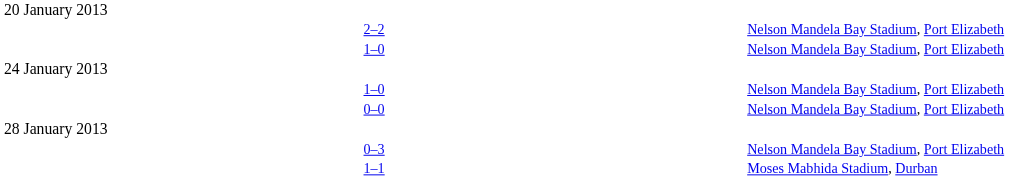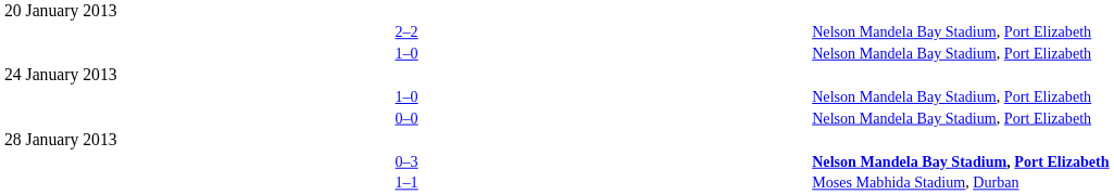 <table style="width:100%" cellspacing="1">
 <tr>
 <th width=25%></th>
 <th width=10%></th>
 <th width=25%></th>
 </tr>
 <tr>
 <td>20 January 2013</td>
 </tr>
 <tr style=font-size:90%>
 <td align=right></td>
 <td align=center><a href='#'>2–2</a></td>
 <td></td>
 <td><a href='#'>Nelson Mandela Bay Stadium</a>, <a href='#'>Port Elizabeth</a></td>
 </tr>
 <tr style=font-size:90%>
 <td align=right></td>
 <td align=center><a href='#'>1–0</a></td>
 <td></td>
 <td><a href='#'>Nelson Mandela Bay Stadium</a>, <a href='#'>Port Elizabeth</a></td>
 </tr>
 <tr>
 <td>24 January 2013</td>
 </tr>
 <tr style=font-size:90%>
 <td align=right></td>
 <td align=center><a href='#'>1–0</a></td>
 <td></td>
 <td><a href='#'>Nelson Mandela Bay Stadium</a>, <a href='#'>Port Elizabeth</a></td>
 </tr>
 <tr style=font-size:90%>
 <td align=right></td>
 <td align=center><a href='#'>0–0</a></td>
 <td></td>
 <td><a href='#'>Nelson Mandela Bay Stadium</a>, <a href='#'>Port Elizabeth</a></td>
 </tr>
 <tr>
 <td>28 January 2013</td>
 </tr>
 <tr style=font-size:90%>
 <td align=right></td>
 <td align=center><a href='#'>0–3</a></td>
 <td></td>
-<td><a href='#'>Nelson Mandela Bay Stadium</a>, <a href='#'>Port Elizabeth</a></td>
+<td><strong><a href='#'>Nelson Mandela Bay Stadium</a>, <a href='#'>Port Elizabeth</a></strong></td>
 </tr>
 <tr style=font-size:90%>
 <td align=right></td>
 <td align=center><a href='#'>1–1</a></td>
 <td></td>
 <td><a href='#'>Moses Mabhida Stadium</a>, <a href='#'>Durban</a></td>
 </tr>
 </table>
